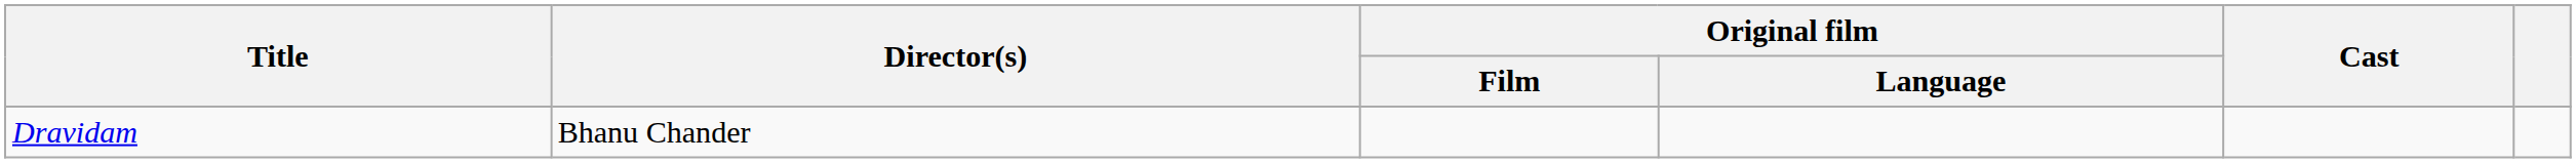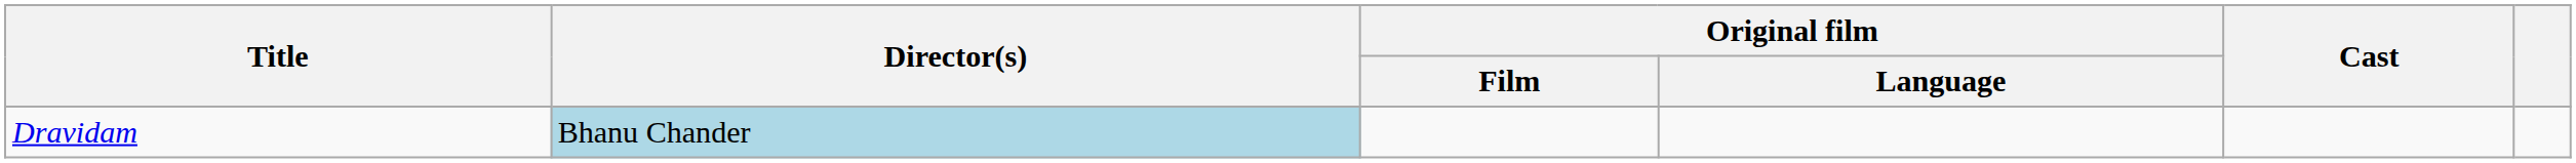 <table class="wikitable sortable"  style="width:100%; font-size:95%;">
 <tr>
 <th scope="col" rowspan="2">Title</th>
 <th scope="col" rowspan="2">Director(s)</th>
 <th scope="col" colspan="2">Original film</th>
 <th scope="col" rowspan="2">Cast</th>
 <th scope="col" rowspan="2" class="unsortable"></th>
 </tr>
 <tr>
 <th scope="col">Film</th>
 <th scope="col">Language</th>
 </tr>
 <tr>
 <td><em><a href='#'>Dravidam</a></em></td>
-<td>Bhanu Chander</td>
+<td style="background: lightblue;">Bhanu Chander</td>
 <td></td>
 <td></td>
 <td></td>
 <td></td>
 </tr>
 </table>
